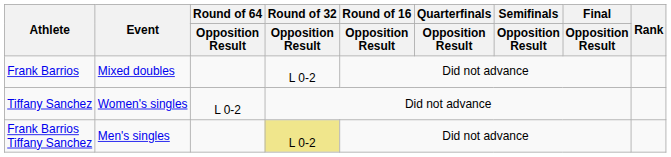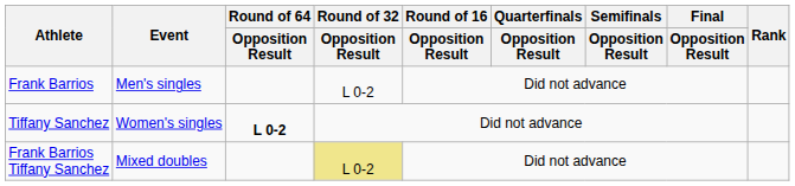 <table class="wikitable" style="font-size:90%">
 <tr>
 <th rowspan="2">Athlete</th>
 <th rowspan="2">Event</th>
 <th>Round of 64</th>
 <th>Round of 32</th>
 <th>Round of 16</th>
 <th>Quarterfinals</th>
 <th>Semifinals</th>
 <th>Final</th>
 <th rowspan="2">Rank</th>
 </tr>
 <tr>
 <th>Opposition<br>Result</th>
 <th>Opposition<br>Result</th>
 <th>Opposition<br>Result</th>
 <th>Opposition<br>Result</th>
 <th>Opposition<br>Result</th>
 <th>Opposition<br>Result</th>
 </tr>
 <tr align=center>
 <td align=left><a href='#'>Frank Barrios</a></td>
-<td align=left><a href='#'>Mixed doubles</a></td>
+<td align=left><a href='#'>Men's singles</a></td>
 <td></td>
 <td><br>L 0-2</td>
 <td colspan=4>Did not advance</td>
 <td></td>
 </tr>
 <tr align=center>
 <td align=left><a href='#'>Tiffany Sanchez</a></td>
 <td align=left><a href='#'>Women's singles</a></td>
-<td><br>L 0-2</td>
+<td><strong><br>L 0-2</strong></td>
 <td colspan=5>Did not advance</td>
 <td></td>
 </tr>
 <tr align=center>
 <td align=left><a href='#'>Frank Barrios</a><br><a href='#'>Tiffany Sanchez</a></td>
-<td align=left><a href='#'>Men's singles</a></td>
+<td align=left><a href='#'>Mixed doubles</a></td>
 <td></td>
 <td style="background: khaki;"><br>L 0-2</td>
 <td colspan=4>Did not advance</td>
 <td></td>
 </tr>
 </table>
